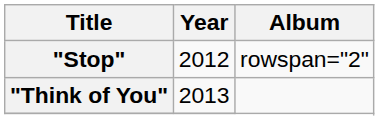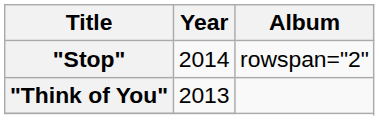 <table class="wikitable plainrowheaders" style="text-align:center;">
 <tr>
 <th>Title</th>
 <th>Year</th>
 <th>Album</th>
 </tr>
 <tr>
 <th scope="row">"Stop"<br></th>
-<td>2012</td>
+<td>2014</td>
 <td>rowspan="2" </td>
 </tr>
 <tr>
 <th scope="row">"Think of You"<br></th>
 <td>2013</td>
 </tr>
 <tr>
 </tr>
 </table>
